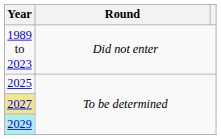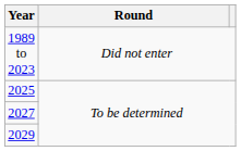 <table class="wikitable" style="text-align: center; font-size:90%">
 <tr>
 <th>Year</th>
 <th style="width:200px">Round</th>
 <th></th>
 </tr>
 <tr>
 <td><a href='#'>1989</a><br>to<br><a href='#'>2023</a></td>
 <td colspan="2"><em>Did not enter</em></td>
 </tr>
 <tr>
 <td><a href='#'>2025</a></td>
 <td colspan="2" rowspan="3"><em>To be determined</em></td>
 </tr>
 <tr>
-<td style="background: khaki;"><a href='#'>2027</a></td>
+<td><a href='#'>2027</a></td>
 </tr>
 <tr>
-<td style="background: paleturquoise;"><a href='#'>2029</a></td>
+<td><a href='#'>2029</a></td>
 </tr>
 </table>
